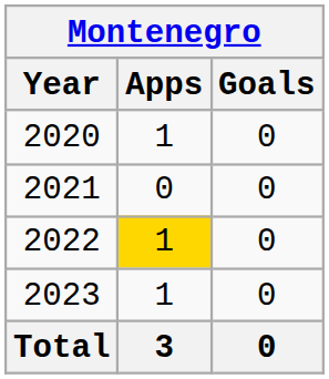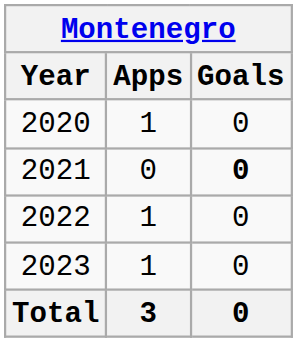 <table class="wikitable" style="text-align:center">
 <tr>
 <th colspan=3><a href='#'>Montenegro</a></th>
 </tr>
 <tr>
 <th>Year</th>
 <th>Apps</th>
 <th>Goals</th>
 </tr>
 <tr>
 <td>2020</td>
 <td>1</td>
 <td>0</td>
 </tr>
 <tr>
 <td>2021</td>
 <td>0</td>
-<td>0</td>
+<td><strong>0</strong></td>
 </tr>
 <tr>
 <td>2022</td>
-<td style="background: gold;">1</td>
+<td>1</td>
 <td>0</td>
 </tr>
 <tr>
 <td>2023</td>
 <td>1</td>
 <td>0</td>
 </tr>
 <tr>
 <th>Total</th>
 <th>3</th>
 <th>0</th>
 </tr>
 </table>
